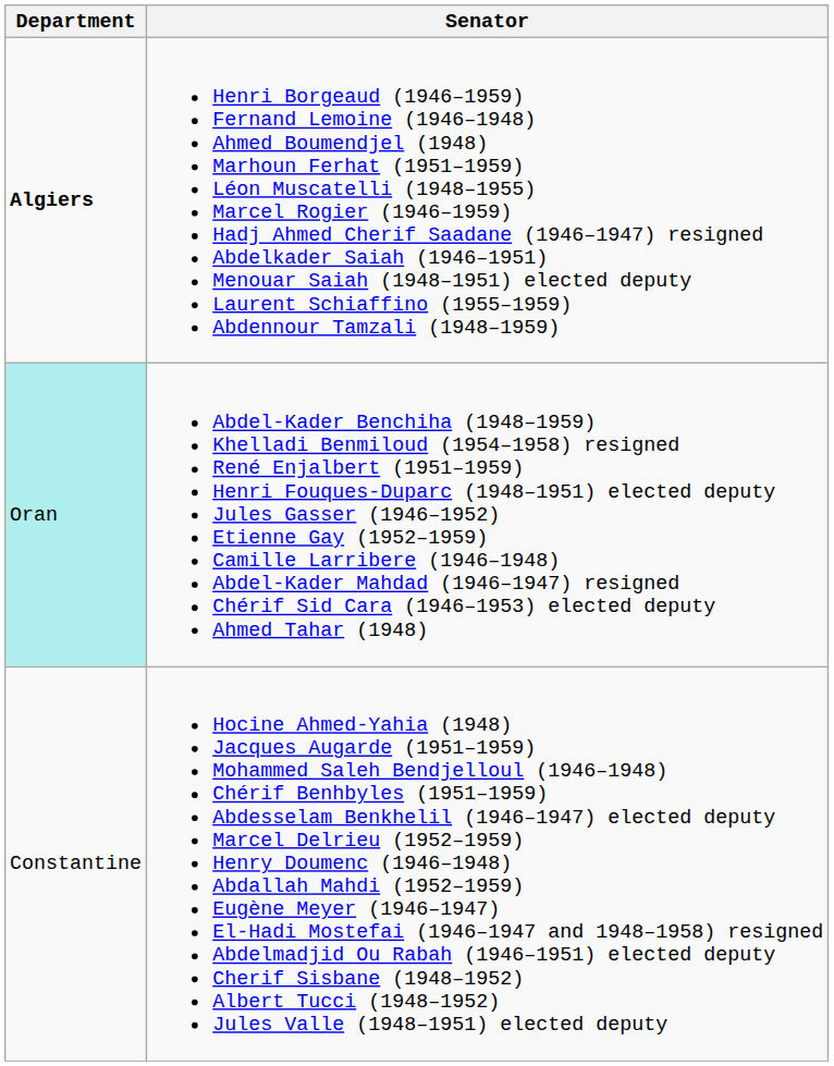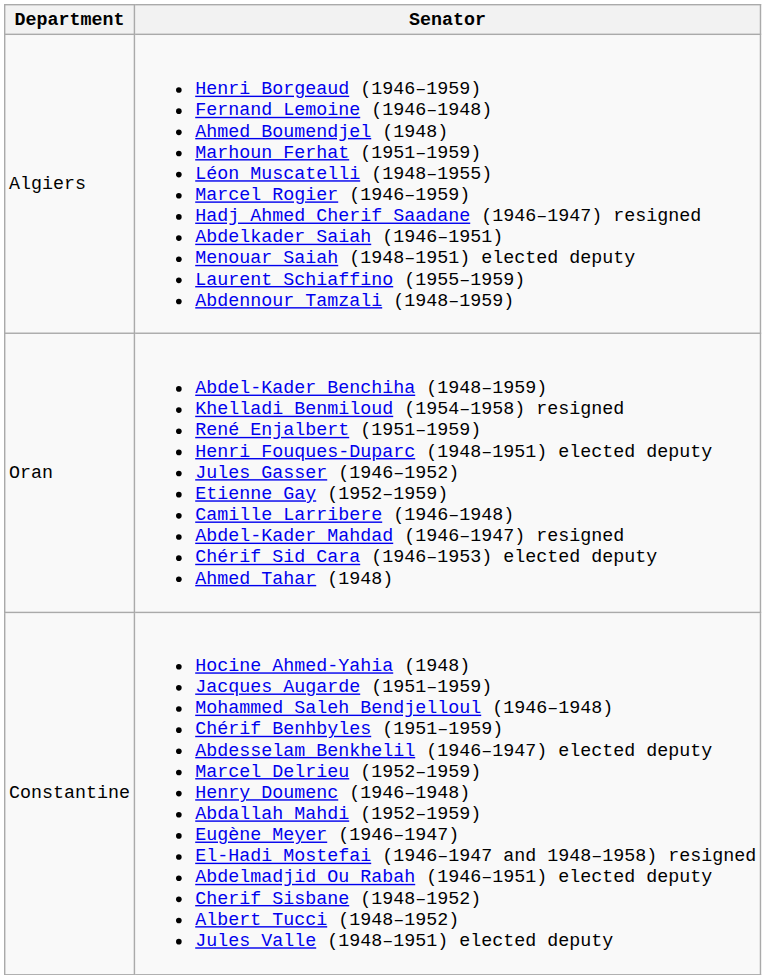 <table class=wikitable>
 <tr>
 <th>Department</th>
 <th>Senator</th>
 </tr>
 <tr>
-<td><strong>Algiers</strong></td>
+<td>Algiers</td>
 <td><br><ul><li><a href='#'>Henri Borgeaud</a> (1946–1959)</li><li><a href='#'>Fernand Lemoine</a> (1946–1948)</li><li><a href='#'>Ahmed Boumendjel</a> (1948)</li><li><a href='#'>Marhoun Ferhat</a> (1951–1959)</li><li><a href='#'>Léon Muscatelli</a> (1948–1955)</li><li><a href='#'>Marcel Rogier</a> (1946–1959)</li><li><a href='#'>Hadj Ahmed Cherif Saadane</a> (1946–1947) resigned</li><li><a href='#'>Abdelkader Saiah</a> (1946–1951)</li><li><a href='#'>Menouar Saiah</a> (1948–1951) elected deputy</li><li><a href='#'>Laurent Schiaffino</a> (1955–1959)</li><li><a href='#'>Abdennour Tamzali</a> (1948–1959)</li></ul></td>
 </tr>
 <tr>
-<td style="background: paleturquoise;">Oran</td>
+<td>Oran</td>
 <td><br><ul><li><a href='#'>Abdel-Kader Benchiha</a> (1948–1959)</li><li><a href='#'>Khelladi Benmiloud</a> (1954–1958) resigned</li><li><a href='#'>René Enjalbert</a> (1951–1959)</li><li><a href='#'>Henri Fouques-Duparc</a> (1948–1951) elected deputy</li><li><a href='#'>Jules Gasser</a> (1946–1952)</li><li><a href='#'>Etienne Gay</a> (1952–1959)</li><li><a href='#'>Camille Larribere</a> (1946–1948)</li><li><a href='#'>Abdel-Kader Mahdad</a> (1946–1947) resigned</li><li><a href='#'>Chérif Sid Cara</a> (1946–1953) elected deputy</li><li><a href='#'>Ahmed Tahar</a> (1948)</li></ul></td>
 </tr>
 <tr>
 <td>Constantine</td>
 <td><br><ul><li><a href='#'>Hocine Ahmed-Yahia</a> (1948)</li><li><a href='#'>Jacques Augarde</a> (1951–1959)</li><li><a href='#'>Mohammed Saleh Bendjelloul</a> (1946–1948)</li><li><a href='#'>Chérif Benhbyles</a> (1951–1959)</li><li><a href='#'>Abdesselam Benkhelil</a> (1946–1947) elected deputy</li><li><a href='#'>Marcel Delrieu</a> (1952–1959)</li><li><a href='#'>Henry Doumenc</a> (1946–1948)</li><li><a href='#'>Abdallah Mahdi</a> (1952–1959)</li><li><a href='#'>Eugène Meyer</a> (1946–1947)</li><li><a href='#'>El-Hadi Mostefai</a> (1946–1947 and 1948–1958) resigned</li><li><a href='#'>Abdelmadjid Ou Rabah</a> (1946–1951) elected deputy</li><li><a href='#'>Cherif Sisbane</a> (1948–1952)</li><li><a href='#'>Albert Tucci</a> (1948–1952)</li><li><a href='#'>Jules Valle</a> (1948–1951) elected deputy</li></ul></td>
 </tr>
 </table>
